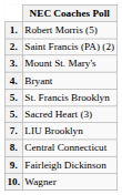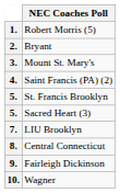 <table class="wikitable" style="white-space:nowrap; font-size:90%;">
 <tr>
 <td ! colspan=1 style="background:white; border-top-style:hidden; border-left-style:hidden;"></td>
 <th>NEC Coaches Poll</th>
 </tr>
 <tr>
 <th>1.</th>
 <td>Robert Morris (5)</td>
 </tr>
 <tr>
 <th>2.</th>
-<td>Saint Francis (PA) (2)</td>
+<td>Bryant</td>
 </tr>
 <tr>
 <th>3.</th>
 <td>Mount St. Mary's</td>
 </tr>
 <tr>
 <th>4.</th>
-<td>Bryant</td>
+<td>Saint Francis (PA) (2)</td>
 </tr>
 <tr>
 <th>5.</th>
 <td>St. Francis Brooklyn</td>
 </tr>
 <tr>
 <th>5.</th>
 <td>Sacred Heart (3)</td>
 </tr>
 <tr>
 <th>7.</th>
 <td>LIU Brooklyn</td>
 </tr>
 <tr>
 <th>8.</th>
 <td>Central Connecticut</td>
 </tr>
 <tr>
 <th>9.</th>
 <td>Fairleigh Dickinson</td>
 </tr>
 <tr>
 <th>10.</th>
 <td>Wagner</td>
 </tr>
 </table>
